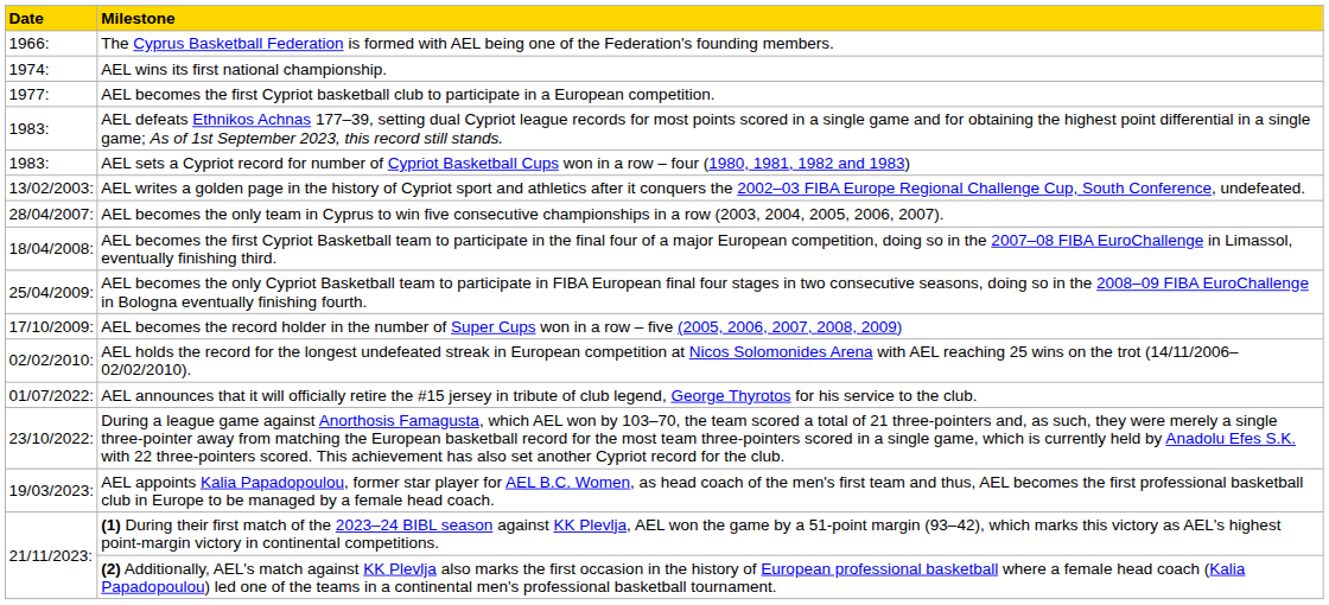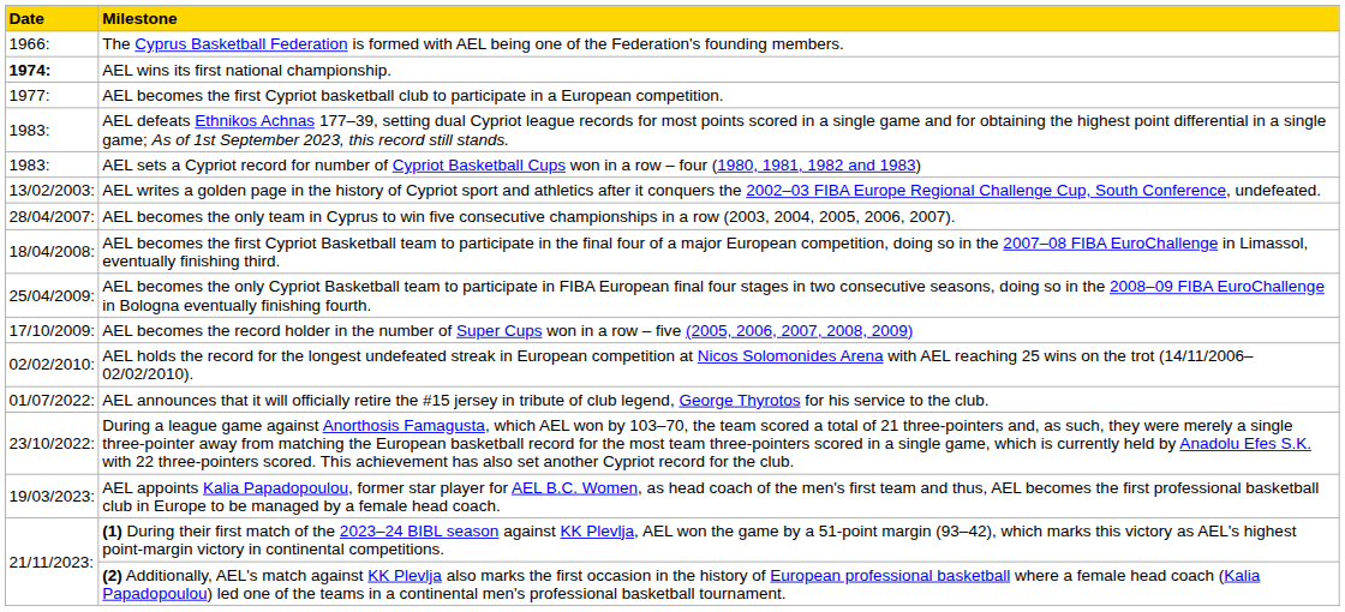 <table class="wikitable" style="background:white; font-size: 95%; border:black 1px; border-collapse: collapse;" cellpadding="3" cellspacing="0" border="1">
 <tr style="background:gold;">
 <td style="text-align:left"><span><strong>Date</strong></span></td>
 <td style="text-align:left"><span><strong>Milestone</strong></span></td>
 </tr>
 <tr>
 <td>1966:</td>
 <td>The <a href='#'>Cyprus Basketball Federation</a> is formed with AEL being one of the Federation's founding members.</td>
 </tr>
 <tr>
-<td>1974:</td>
+<td><strong>1974:</strong></td>
 <td>AEL wins its first national championship.</td>
 </tr>
 <tr>
 <td>1977:</td>
 <td>AEL becomes the first Cypriot basketball club to participate in a European competition.</td>
 </tr>
 <tr>
 <td>1983:</td>
 <td>AEL defeats <a href='#'>Ethnikos Achnas</a> 177–39, setting dual Cypriot league records for most points scored in a single game and for obtaining the highest point differential in a single game; <em>As of 1st September 2023, this record still stands.</em></td>
 </tr>
 <tr>
 <td>1983:</td>
 <td>AEL sets a Cypriot record for number of <a href='#'>Cypriot Basketball Cups</a> won in a row – four (<a href='#'>1980, 1981, 1982 and 1983</a>)</td>
 </tr>
 <tr>
 <td>13/02/2003:</td>
 <td>AEL writes a golden page in the history of Cypriot sport and athletics after it conquers the <a href='#'>2002–03 FIBA Europe Regional Challenge Cup, South Conference</a>, undefeated.</td>
 </tr>
 <tr>
 <td>28/04/2007:</td>
 <td>AEL becomes the only team in Cyprus to win five consecutive championships in a row (2003, 2004, 2005, 2006, 2007).</td>
 </tr>
 <tr>
 <td>18/04/2008:</td>
 <td>AEL becomes the first Cypriot Basketball team to participate in the final four of a major European competition, doing so in the <a href='#'>2007–08 FIBA EuroChallenge</a> in Limassol, eventually finishing third.</td>
 </tr>
 <tr>
 <td>25/04/2009:</td>
 <td>AEL becomes the only Cypriot Basketball team to participate in FIBA European final four stages in two consecutive seasons, doing so in the <a href='#'>2008–09 FIBA EuroChallenge</a> in Bologna eventually finishing fourth.</td>
 </tr>
 <tr>
 <td>17/10/2009:</td>
 <td>AEL becomes the record holder in the number of <a href='#'>Super Cups</a> won in a row – five <a href='#'>(2005, 2006, 2007, 2008, 2009)</a></td>
 </tr>
 <tr>
 <td>02/02/2010:</td>
 <td>AEL holds the record for the longest undefeated streak in European competition at <a href='#'>Nicos Solomonides Arena</a> with AEL reaching 25 wins on the trot (14/11/2006–02/02/2010).</td>
 </tr>
 <tr>
 <td>01/07/2022:</td>
 <td>AEL announces that it will officially retire the #15 jersey in tribute of club legend, <a href='#'>George Thyrotos</a> for his service to the club.</td>
 </tr>
 <tr>
 <td>23/10/2022:</td>
 <td>During a league game against <a href='#'>Anorthosis Famagusta</a>, which AEL won by 103–70, the team scored a total of 21 three-pointers and, as such, they were merely a single three-pointer away from matching the European basketball record for the most team three-pointers scored in a single game, which is currently held by <a href='#'>Anadolu Efes S.K.</a> with 22 three-pointers scored. This achievement has also set another Cypriot record for the club.</td>
 </tr>
 <tr>
 <td>19/03/2023:</td>
 <td>AEL appoints <a href='#'>Kalia Papadopoulou</a>,  former star player for <a href='#'>AEL B.C. Women</a>, as head coach of the men's first team and thus, AEL becomes the first professional basketball club in Europe to be managed by a female head coach.</td>
 </tr>
 <tr>
 <td rowspan="2">21/11/2023:</td>
 <td><strong>(1)</strong> During their first match of the <a href='#'>2023–24 BIBL season</a> against <a href='#'>KK Plevlja</a>, AEL won the game by a 51-point margin (93–42), which marks this victory as AEL's highest point-margin victory in continental competitions.</td>
 </tr>
 <tr>
 <td><strong>(2)</strong> Additionally, AEL's match against <a href='#'>KK Plevlja</a> also marks the first occasion in the history of <a href='#'>European professional basketball</a> where a female head coach (<a href='#'>Kalia Papadopoulou</a>) led one of the teams in a continental men's professional basketball tournament.</td>
 </tr>
 </table>
